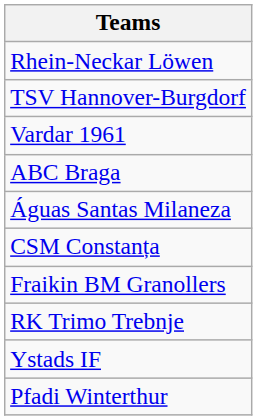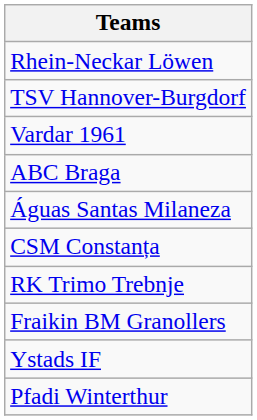 <table class="wikitable">
 <tr>
 <th>Teams</th>
 </tr>
 <tr>
 <td> <a href='#'>Rhein-Neckar Löwen</a></td>
 </tr>
 <tr>
 <td> <a href='#'>TSV Hannover-Burgdorf</a></td>
 </tr>
 <tr>
 <td> <a href='#'>Vardar 1961</a></td>
 </tr>
 <tr>
 <td> <a href='#'>ABC Braga</a></td>
 </tr>
 <tr>
 <td> <a href='#'>Águas Santas Milaneza</a></td>
 </tr>
 <tr>
 <td> <a href='#'>CSM Constanța</a></td>
 </tr>
 <tr>
-<td> <a href='#'>Fraikin BM Granollers</a></td>
+<td> <a href='#'>RK Trimo Trebnje</a></td>
 </tr>
 <tr>
-<td> <a href='#'>RK Trimo Trebnje</a></td>
+<td> <a href='#'>Fraikin BM Granollers</a></td>
 </tr>
 <tr>
 <td> <a href='#'>Ystads IF</a></td>
 </tr>
 <tr>
 <td> <a href='#'>Pfadi Winterthur</a></td>
 </tr>
 </table>
